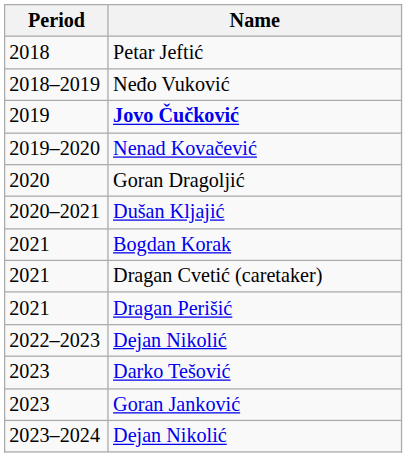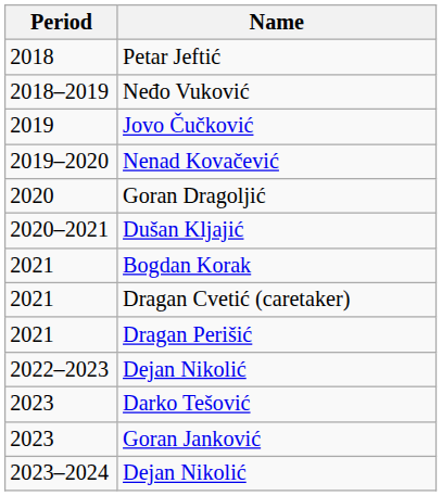 <table class="wikitable">
 <tr>
 <th width="75">Period</th>
 <th width="225">Name</th>
 </tr>
 <tr>
 <td>2018</td>
 <td> Petar Jeftić</td>
 </tr>
 <tr>
 <td>2018–2019</td>
 <td> Neđo Vuković</td>
 </tr>
 <tr>
 <td>2019</td>
-<td><strong> <a href='#'>Jovo Čučković</a></strong></td>
+<td> <a href='#'>Jovo Čučković</a></td>
 </tr>
 <tr>
 <td>2019–2020</td>
 <td> <a href='#'>Nenad Kovačević</a></td>
 </tr>
 <tr>
 <td>2020</td>
 <td> Goran Dragoljić</td>
 </tr>
 <tr>
 <td>2020–2021</td>
 <td> <a href='#'>Dušan Kljajić</a></td>
 </tr>
 <tr>
 <td>2021</td>
 <td> <a href='#'>Bogdan Korak</a></td>
 </tr>
 <tr>
 <td>2021</td>
 <td> Dragan Cvetić (caretaker)</td>
 </tr>
 <tr>
 <td>2021</td>
 <td> <a href='#'>Dragan Perišić</a></td>
 </tr>
 <tr>
 <td>2022–2023</td>
 <td> <a href='#'>Dejan Nikolić</a></td>
 </tr>
 <tr>
 <td>2023</td>
 <td> <a href='#'>Darko Tešović</a></td>
 </tr>
 <tr>
 <td>2023</td>
 <td> <a href='#'>Goran Janković</a></td>
 </tr>
 <tr>
 <td>2023–2024</td>
 <td> <a href='#'>Dejan Nikolić</a></td>
 </tr>
 </table>
